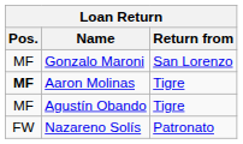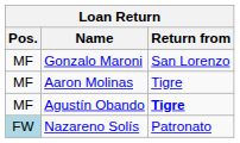 <table class="wikitable" style="font-size:95%;">
 <tr>
 <th colspan="5">Loan Return</th>
 </tr>
 <tr>
 <th>Pos.</th>
 <th>Name</th>
 <th>Return from</th>
 </tr>
 <tr>
 <td align="center">MF</td>
 <td> <a href='#'>Gonzalo Maroni</a></td>
 <td> <a href='#'>San Lorenzo</a></td>
 </tr>
 <tr>
-<td align="center"><strong>MF</strong></td>
+<td align="center">MF</td>
 <td> <a href='#'>Aaron Molinas</a></td>
 <td> <a href='#'>Tigre</a></td>
 </tr>
 <tr>
 <td align="center">MF</td>
 <td> <a href='#'>Agustín Obando</a></td>
-<td> <a href='#'>Tigre</a></td>
+<td><strong> <a href='#'>Tigre</a></strong></td>
 </tr>
 <tr>
-<td align="center">FW</td>
+<td align="center" style="background: lightblue;">FW</td>
 <td> <a href='#'>Nazareno Solís</a></td>
 <td> <a href='#'>Patronato</a></td>
 </tr>
 </table>
